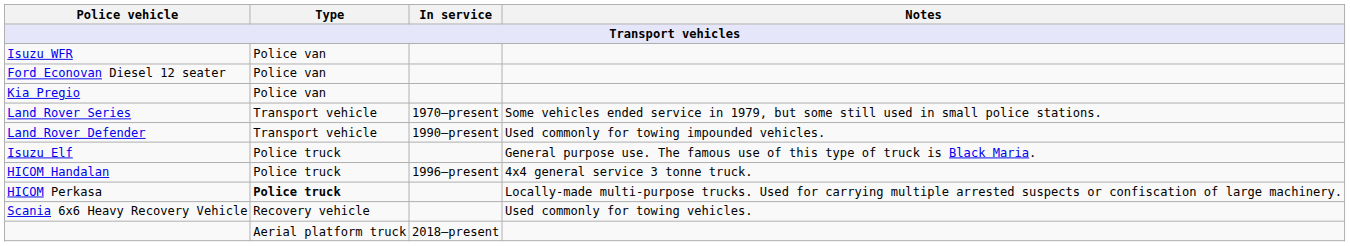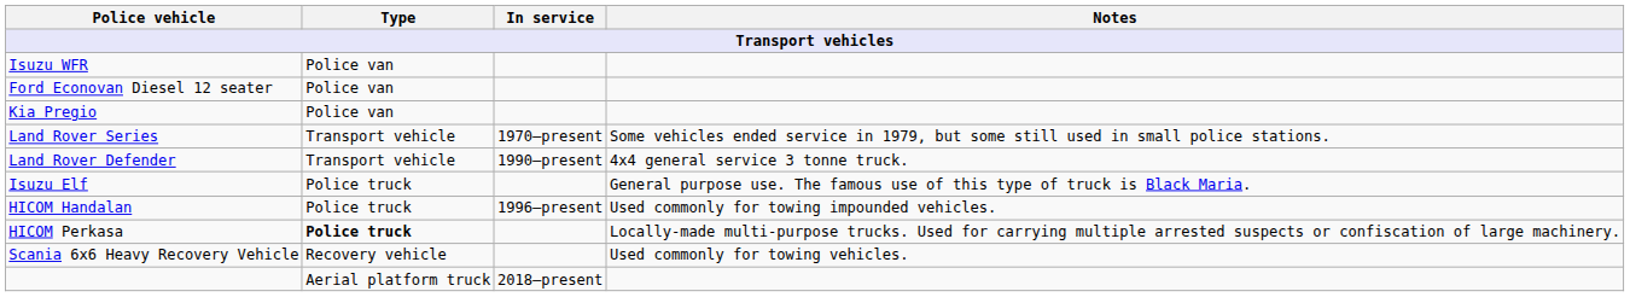 <table class="wikitable">
 <tr>
 <th style="text-align: center;">Police vehicle</th>
 <th style="text-align: center;">Type</th>
 <th style="text-align: center;">In service</th>
 <th style="text-align: center;">Notes</th>
 </tr>
 <tr>
 <th style="align: center; background: lavender;" colspan="7">Transport vehicles</th>
 </tr>
 <tr>
 <td><a href='#'>Isuzu WFR</a></td>
 <td>Police van</td>
 <td></td>
 <td></td>
 </tr>
 <tr>
 <td><a href='#'>Ford Econovan</a> Diesel 12 seater</td>
 <td>Police van</td>
 <td></td>
 <td></td>
 </tr>
 <tr>
 <td><a href='#'>Kia Pregio</a></td>
 <td>Police van</td>
 <td></td>
 <td></td>
 </tr>
 <tr>
 <td><a href='#'>Land Rover Series</a></td>
 <td>Transport vehicle</td>
 <td>1970–present</td>
 <td>Some vehicles ended service in 1979, but some still used in small police stations.</td>
 </tr>
 <tr>
 <td><a href='#'>Land Rover Defender</a></td>
 <td>Transport vehicle</td>
 <td>1990–present</td>
-<td>Used commonly for towing impounded vehicles.</td>
+<td>4x4 general service 3 tonne truck.</td>
 </tr>
 <tr>
 <td><a href='#'>Isuzu Elf</a></td>
 <td>Police truck</td>
 <td></td>
 <td>General purpose use. The famous use of this type of truck is <a href='#'>Black Maria</a>.</td>
 </tr>
 <tr>
 <td><a href='#'>HICOM Handalan</a></td>
 <td>Police truck</td>
 <td>1996–present</td>
-<td>4x4 general service 3 tonne truck.</td>
+<td>Used commonly for towing impounded vehicles.</td>
 </tr>
 <tr>
 <td><a href='#'>HICOM</a> Perkasa</td>
 <td><strong>Police truck</strong></td>
 <td></td>
 <td>Locally-made multi-purpose trucks. Used for carrying multiple arrested suspects or confiscation of large machinery.</td>
 </tr>
 <tr>
 <td><a href='#'>Scania</a> 6x6 Heavy Recovery Vehicle</td>
 <td>Recovery vehicle</td>
 <td></td>
 <td>Used commonly for towing vehicles.</td>
 </tr>
 <tr>
 <td></td>
 <td>Aerial platform truck</td>
 <td>2018–present</td>
 <td></td>
 </tr>
 </table>
